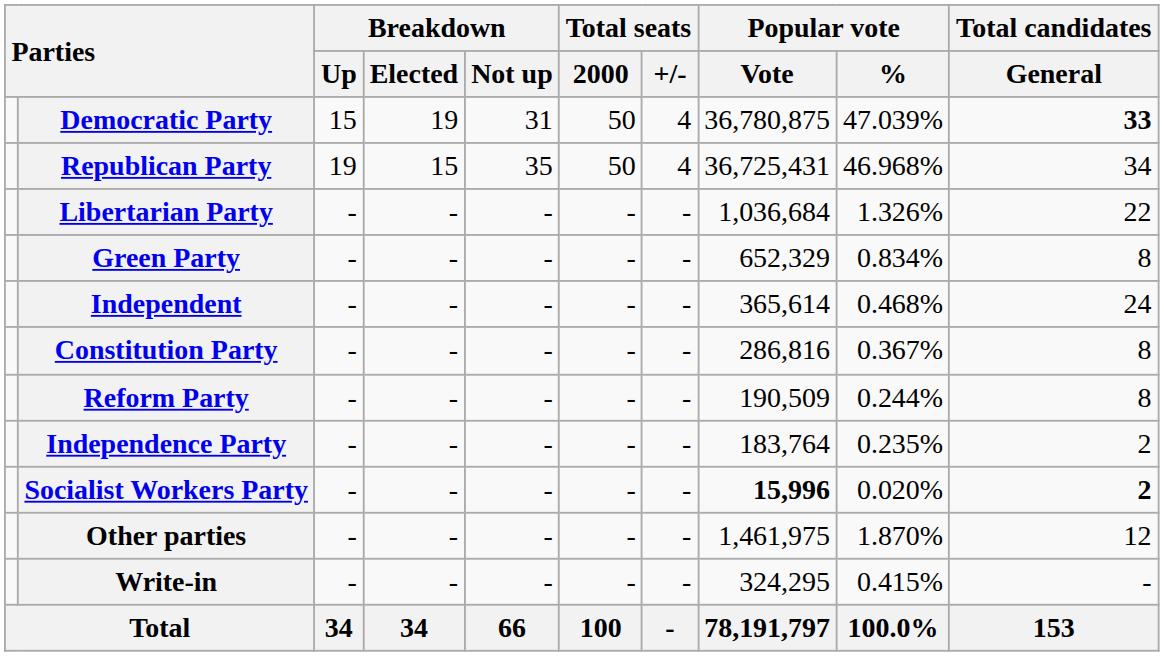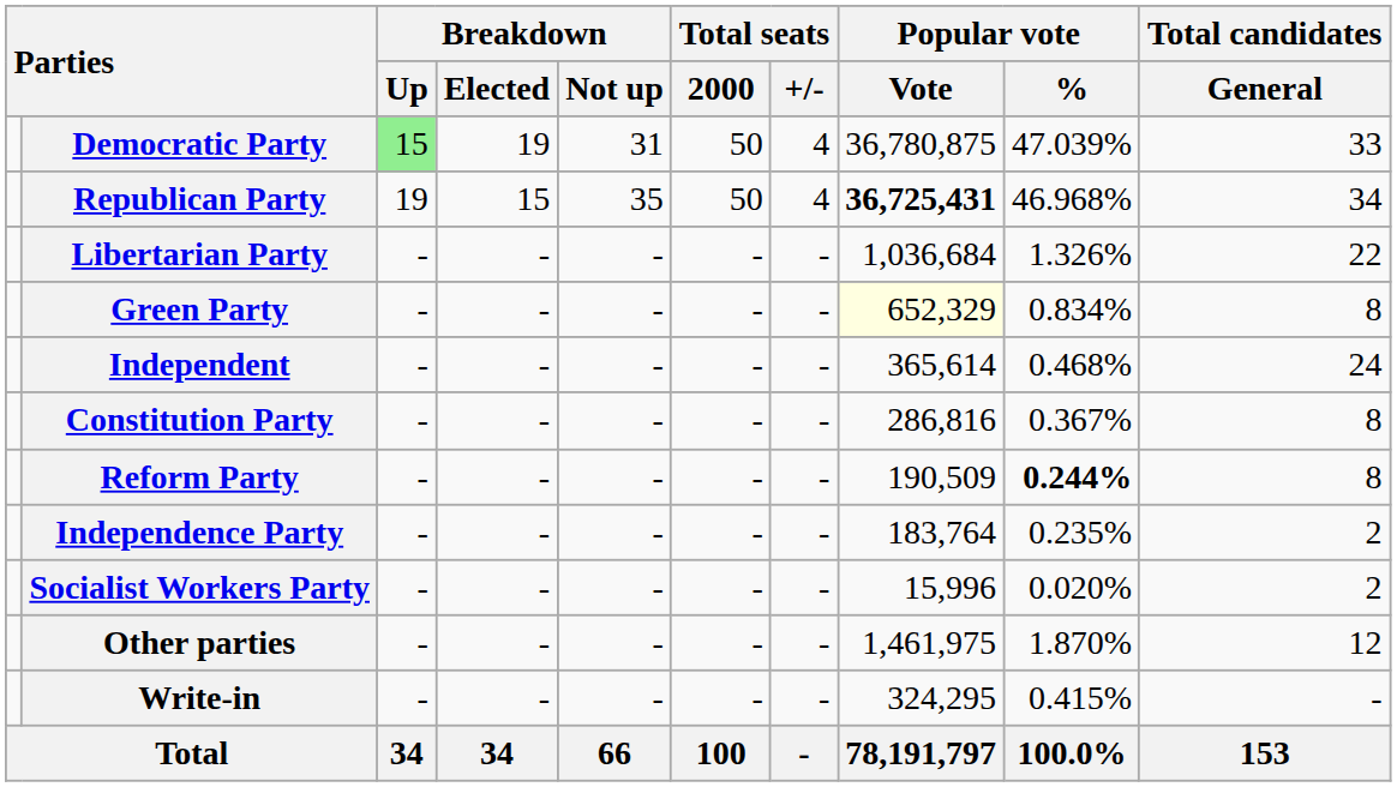 <table class="wikitable" style="font-size:95%; text-align:right">
 <tr>
 <th style="text-align:left" colspan=2 rowspan=2>Parties</th>
 <th colspan=3>Breakdown</th>
 <th colspan=2>Total seats</th>
 <th colspan=2>Popular vote</th>
 <th colspan=2>Total candidates</th>
 </tr>
 <tr>
 <th>Up</th>
 <th>Elected</th>
 <th>Not up</th>
 <th><strong>2000</strong></th>
 <th>+/-</th>
 <th>Vote</th>
 <th>%</th>
 <th>General</th>
 </tr>
 <tr>
 <td></td>
 <th><a href='#'>Democratic Party</a></th>
-<td>15</td>
+<td style="background: lightgreen;">15</td>
 <td>19</td>
 <td>31</td>
 <td>50</td>
 <td> 4</td>
 <td>36,780,875</td>
 <td>47.039%</td>
-<td><strong>33</strong></td>
+<td>33</td>
 </tr>
 <tr>
 <td></td>
 <th><a href='#'>Republican Party</a></th>
 <td>19</td>
 <td>15</td>
 <td>35</td>
 <td>50</td>
 <td> 4</td>
-<td>36,725,431</td>
+<td><strong>36,725,431</strong></td>
 <td>46.968%</td>
 <td>34</td>
 </tr>
 <tr>
 <td></td>
 <th><a href='#'>Libertarian Party</a></th>
 <td>-</td>
 <td>-</td>
 <td>-</td>
 <td>-</td>
 <td>-</td>
 <td>1,036,684</td>
 <td>1.326%</td>
 <td>22</td>
 </tr>
 <tr>
 <td></td>
 <th><a href='#'>Green Party</a></th>
 <td>-</td>
 <td>-</td>
 <td>-</td>
 <td>-</td>
 <td>-</td>
-<td>652,329</td>
+<td style="background: lightyellow;">652,329</td>
 <td>0.834%</td>
 <td>8</td>
 </tr>
 <tr>
 <td></td>
 <th><a href='#'>Independent</a></th>
 <td>-</td>
 <td>-</td>
 <td>-</td>
 <td>-</td>
 <td>-</td>
 <td>365,614</td>
 <td>0.468%</td>
 <td>24</td>
 </tr>
 <tr>
 <td></td>
 <th><a href='#'>Constitution Party</a></th>
 <td>-</td>
 <td>-</td>
 <td>-</td>
 <td>-</td>
 <td>-</td>
 <td>286,816</td>
 <td>0.367%</td>
 <td>8</td>
 </tr>
 <tr>
 <td></td>
 <th><a href='#'>Reform Party</a></th>
 <td>-</td>
 <td>-</td>
 <td>-</td>
 <td>-</td>
 <td>-</td>
 <td>190,509</td>
-<td>0.244%</td>
+<td><strong>0.244%</strong></td>
 <td>8</td>
 </tr>
 <tr>
 <td></td>
 <th><a href='#'>Independence Party</a></th>
 <td>-</td>
 <td>-</td>
 <td>-</td>
 <td>-</td>
 <td>-</td>
 <td>183,764</td>
 <td>0.235%</td>
 <td>2</td>
 </tr>
 <tr>
 <td></td>
 <th><a href='#'>Socialist Workers Party</a></th>
 <td>-</td>
 <td>-</td>
 <td>-</td>
 <td>-</td>
 <td>-</td>
-<td><strong>15,996</strong></td>
+<td>15,996</td>
 <td>0.020%</td>
-<td><strong>2</strong></td>
+<td>2</td>
 </tr>
 <tr>
 <td></td>
 <th>Other parties</th>
 <td>-</td>
 <td>-</td>
 <td>-</td>
 <td>-</td>
 <td>-</td>
 <td>1,461,975</td>
 <td>1.870%</td>
 <td>12</td>
 </tr>
 <tr>
 <td></td>
 <th>Write-in</th>
 <td>-</td>
 <td>-</td>
 <td>-</td>
 <td>-</td>
 <td>-</td>
 <td>324,295</td>
 <td>0.415%</td>
 <td>-</td>
 </tr>
 <tr>
 <th colspan=2>Total</th>
 <th>34</th>
 <th>34</th>
 <th>66</th>
 <th>100</th>
 <th>-</th>
 <th>78,191,797</th>
 <th>100.0%</th>
 <th>153</th>
 </tr>
 </table>
